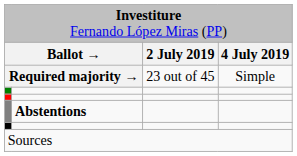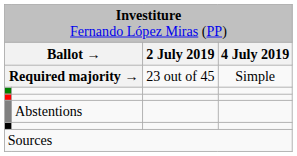 <table class="wikitable" style="text-align:center;">
 <tr>
 <td colspan="4" align="center" bgcolor="#C0C0C0"><strong>Investiture</strong><br><a href='#'>Fernando López Miras</a> (<a href='#'>PP</a>)</td>
 </tr>
 <tr>
 <th colspan="2" width="150px">Ballot →</th>
 <th>2 July 2019</th>
 <th>4 July 2019</th>
 </tr>
 <tr>
 <th colspan="2">Required majority →</th>
 <td>23 out of 45 </td>
 <td>Simple </td>
 </tr>
 <tr>
 <th width="1px" style="background:green;"></th>
 <td align="left"></td>
 <td></td>
 <td></td>
 </tr>
 <tr>
 <th style="color:inherit;background:red;"></th>
 <td align="left"></td>
 <td></td>
 <td></td>
 </tr>
 <tr>
 <th style="color:inherit;background:gray;"></th>
-<td align="left"><strong><span>Abstentions</span></strong></td>
+<td align="left"><span>Abstentions</span></td>
 <td></td>
 <td></td>
 </tr>
 <tr>
 <th style="color:inherit;background:black;"></th>
 <td align="left"></td>
 <td></td>
 <td></td>
 </tr>
 <tr>
 <td align="left" colspan="6">Sources</td>
 </tr>
 </table>
